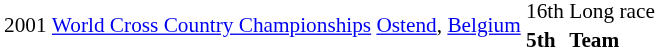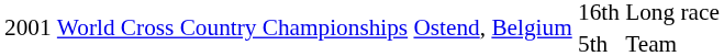 <table>
 <tr>
 <td rowspan=2>2001</td>
 <td rowspan=2><a href='#'>World Cross Country Championships</a></td>
 <td rowspan=2><a href='#'>Ostend</a>, <a href='#'>Belgium</a></td>
 <td>16th</td>
 <td>Long race</td>
 </tr>
 <tr>
-<td><strong>5th</strong></td>
-<td><strong>Team</strong></td>
+<td>5th</td>
+<td>Team</td>
 </tr>
 </table>
